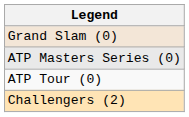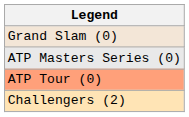 <table class=wikitable>
 <tr>
 <th>Legend</th>
 </tr>
 <tr style="background:#f3e6d7;">
 <td>Grand Slam (0)</td>
 </tr>
 <tr style="background:#e9e9e9;">
 <td>ATP Masters Series (0)</td>
 </tr>
 <tr>
-<td>ATP Tour (0)</td>
+<td style="background: lightsalmon;">ATP Tour (0)</td>
 </tr>
 <tr bgcolor=moccasin>
 <td>Challengers (2)</td>
 </tr>
 </table>
